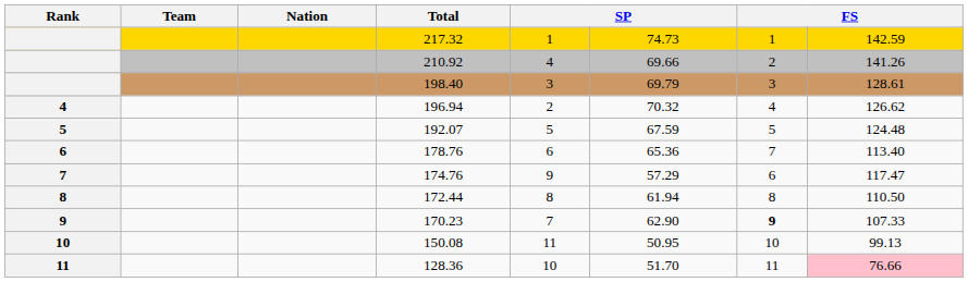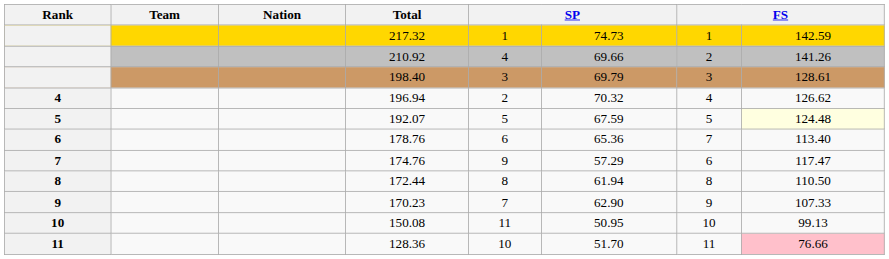 <table class="wikitable sortable" style="text-align:center; width:85%">
 <tr>
 <th scope="col">Rank</th>
 <th scope="col">Team</th>
 <th scope="col">Nation</th>
 <th scope="col">Total</th>
 <th scope="col" colspan="2" width="80px"><a href='#'>SP</a></th>
 <th scope="col" colspan="2" width="80px"><a href='#'>FS</a></th>
 </tr>
 <tr bgcolor="gold">
 <th scope="row"></th>
 <td align="left"></td>
 <td align="left"></td>
 <td>217.32</td>
 <td>1</td>
 <td>74.73</td>
 <td>1</td>
 <td>142.59</td>
 </tr>
 <tr bgcolor="silver">
 <th scope="row"></th>
 <td align="left"></td>
 <td align="left"></td>
 <td>210.92</td>
 <td>4</td>
 <td>69.66</td>
 <td>2</td>
 <td>141.26</td>
 </tr>
 <tr bgcolor="#cc9966">
 <th scope="row"></th>
 <td align="left"></td>
 <td align="left"></td>
 <td>198.40</td>
 <td>3</td>
 <td>69.79</td>
 <td>3</td>
 <td>128.61</td>
 </tr>
 <tr>
 <th scope="row">4</th>
 <td align="left"></td>
 <td align="left"></td>
 <td>196.94</td>
 <td>2</td>
 <td>70.32</td>
 <td>4</td>
 <td>126.62</td>
 </tr>
 <tr>
 <th scope="row">5</th>
 <td align="left"></td>
 <td align="left"></td>
 <td>192.07</td>
 <td>5</td>
 <td>67.59</td>
 <td>5</td>
-<td>124.48</td>
+<td style="background: lightyellow;">124.48</td>
 </tr>
 <tr>
 <th scope="row">6</th>
 <td align="left"></td>
 <td align="left"></td>
 <td>178.76</td>
 <td>6</td>
 <td>65.36</td>
 <td>7</td>
 <td>113.40</td>
 </tr>
 <tr>
 <th scope="row">7</th>
 <td align="left"></td>
 <td align="left"></td>
 <td>174.76</td>
 <td>9</td>
 <td>57.29</td>
 <td>6</td>
 <td>117.47</td>
 </tr>
 <tr>
 <th scope="row">8</th>
 <td align="left"></td>
 <td align="left"></td>
 <td>172.44</td>
 <td>8</td>
 <td>61.94</td>
 <td>8</td>
 <td>110.50</td>
 </tr>
 <tr>
 <th scope="row">9</th>
 <td align="left"></td>
 <td align="left"></td>
 <td>170.23</td>
 <td>7</td>
 <td>62.90</td>
-<td><strong>9</strong></td>
+<td>9</td>
 <td>107.33</td>
 </tr>
 <tr>
 <th scope="row">10</th>
 <td align="left"></td>
 <td align="left"></td>
 <td>150.08</td>
 <td>11</td>
 <td>50.95</td>
 <td>10</td>
 <td>99.13</td>
 </tr>
 <tr>
 <th scope="row">11</th>
 <td align="left"></td>
 <td align="left"></td>
 <td>128.36</td>
 <td>10</td>
 <td>51.70</td>
 <td>11</td>
 <td style="background: pink;">76.66</td>
 </tr>
 </table>
